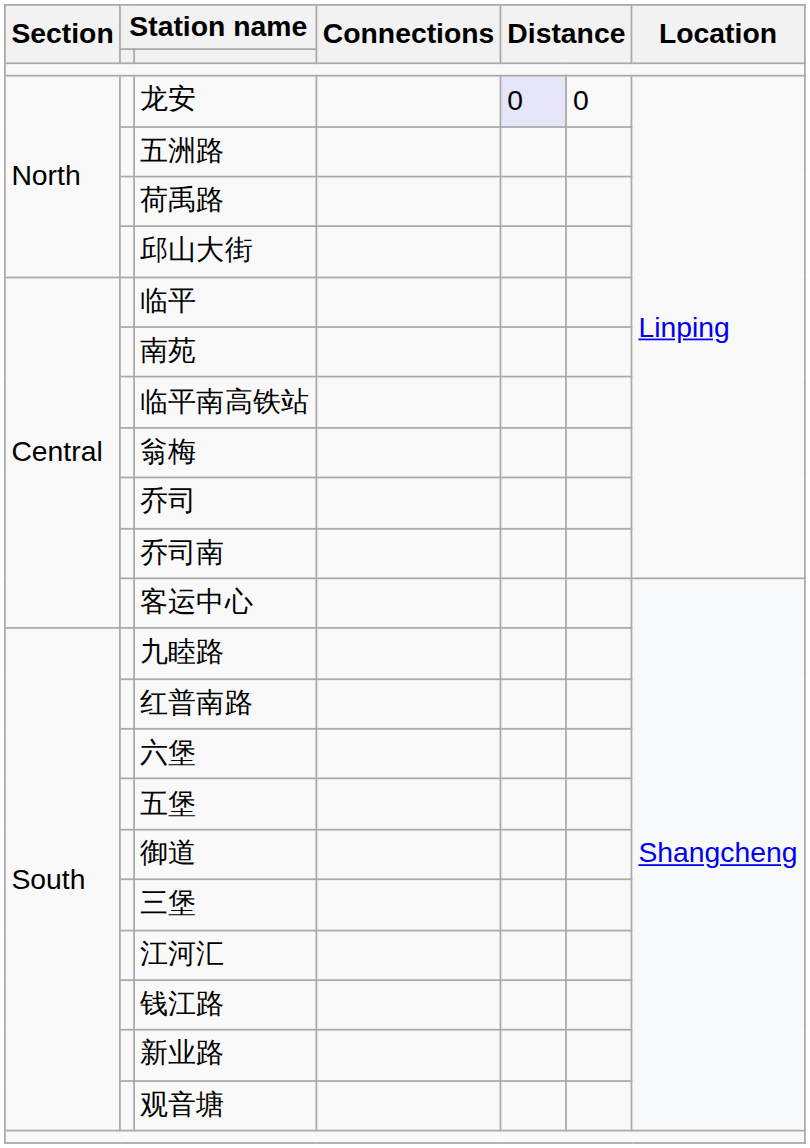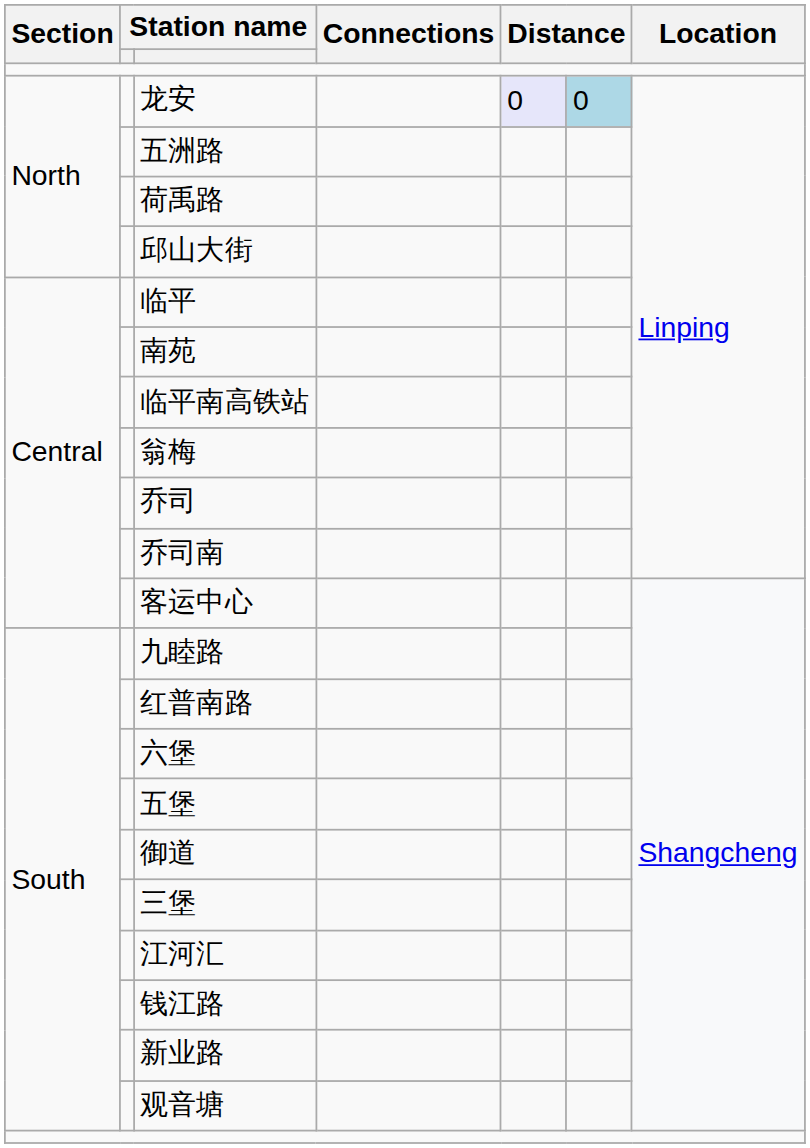 <table class="wikitable">
 <tr>
 <th rowspan="2">Section</th>
 <th colspan="2">Station name</th>
 <th rowspan="2">Connections</th>
 <th colspan="2" rowspan="2">Distance<br></th>
 <th rowspan="2">Location</th>
 </tr>
 <tr>
 <th></th>
 <th></th>
 </tr>
 <tr style="background:#">
 <td colspan = "7"></td>
 </tr>
 <tr>
 <td rowspan="4">North</td>
 <td></td>
 <td><span>龙安</span></td>
 <td></td>
 <td style="background: lavender;">0</td>
-<td>0</td>
+<td style="background: lightblue;">0</td>
 <td rowspan="10"><a href='#'>Linping</a></td>
 </tr>
 <tr>
 <td></td>
 <td><span>五洲路</span></td>
 <td></td>
 <td></td>
 <td></td>
 </tr>
 <tr>
 <td></td>
 <td><span>荷禹路</span></td>
 <td></td>
 <td></td>
 <td></td>
 </tr>
 <tr>
 <td></td>
 <td><span>邱山大街</span></td>
 <td></td>
 <td></td>
 <td></td>
 </tr>
 <tr>
 <td rowspan="7">Central</td>
 <td></td>
 <td><span>临平</span></td>
 <td></td>
 <td></td>
 <td></td>
 </tr>
 <tr>
 <td></td>
 <td><span>南苑</span></td>
 <td></td>
 <td></td>
 <td></td>
 </tr>
 <tr>
 <td></td>
 <td><span>临平南高铁站</span></td>
 <td><br></td>
 <td></td>
 <td></td>
 </tr>
 <tr>
 <td></td>
 <td><span>翁梅</span></td>
 <td></td>
 <td></td>
 <td></td>
 </tr>
 <tr>
 <td></td>
 <td><span>乔司</span></td>
 <td></td>
 <td></td>
 <td></td>
 </tr>
 <tr>
 <td></td>
 <td><span>乔司南</span></td>
 <td></td>
 <td></td>
 <td></td>
 </tr>
 <tr>
 <td></td>
 <td><span>客运中心</span></td>
 <td></td>
 <td></td>
 <td></td>
 <td style="background:#F8F9FA;" rowspan="11"><a href='#'>Shangcheng</a></td>
 </tr>
 <tr>
 <td rowspan="10">South</td>
 <td></td>
 <td><span>九睦路</span></td>
 <td></td>
 <td></td>
 <td></td>
 </tr>
 <tr>
 <td></td>
 <td><span>红普南路</span></td>
 <td></td>
 <td></td>
 <td></td>
 </tr>
 <tr>
 <td></td>
 <td><span>六堡</span></td>
 <td></td>
 <td></td>
 <td></td>
 </tr>
 <tr>
 <td></td>
 <td><span>五堡</span></td>
 <td></td>
 <td></td>
 <td></td>
 </tr>
 <tr>
 <td></td>
 <td><span>御道</span></td>
 <td></td>
 <td></td>
 <td></td>
 </tr>
 <tr>
 <td></td>
 <td><span>三堡</span></td>
 <td></td>
 <td></td>
 <td></td>
 </tr>
 <tr>
 <td></td>
 <td><span>江河汇</span></td>
 <td></td>
 <td></td>
 <td></td>
 </tr>
 <tr>
 <td></td>
 <td><span>钱江路</span></td>
 <td> </td>
 <td></td>
 <td></td>
 </tr>
 <tr>
 <td></td>
 <td><span>新业路</span></td>
 <td></td>
 <td></td>
 <td></td>
 </tr>
 <tr>
 <td></td>
 <td><span>观音塘</span></td>
 <td></td>
 <td></td>
 <td></td>
 </tr>
 <tr style="background:#">
 <td colspan = "7"></td>
 </tr>
 </table>
